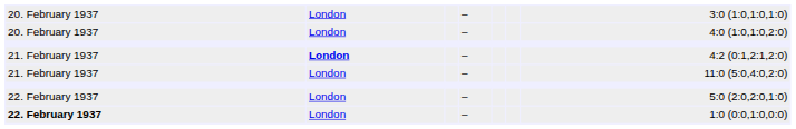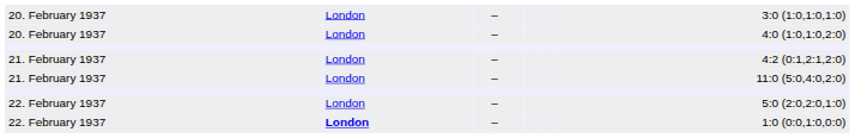 <table cellspacing="2" border="0" cellpadding="3" bgcolor="#EFEFFF" width="90%">
 <tr>
 <td bgcolor="#EEEEEE">20. February 1937</td>
 <td bgcolor="#EEEEEE"><a href='#'>London</a></td>
 <td bgcolor="#EEEEEE"></td>
 <td bgcolor="#EEEEEE">–</td>
 <td bgcolor="#EEEEEE"></td>
 <td bgcolor="#EEEEEE"></td>
 <td bgcolor="#EEEEEE" align="right">3:0 (1:0,1:0,1:0)</td>
 </tr>
 <tr>
 <td bgcolor="#EEEEEE">20. February 1937</td>
 <td bgcolor="#EEEEEE"><a href='#'>London</a></td>
 <td bgcolor="#EEEEEE"></td>
 <td bgcolor="#EEEEEE">–</td>
 <td bgcolor="#EEEEEE"></td>
 <td bgcolor="#EEEEEE"></td>
 <td bgcolor="#EEEEEE" align="right">4:0 (1:0,1:0,2:0)</td>
 </tr>
 <tr>
 <td></td>
 </tr>
 <tr>
 <td bgcolor="#EEEEEE">21. February 1937</td>
-<td bgcolor="#EEEEEE"><strong><a href='#'>London</a></strong></td>
+<td bgcolor="#EEEEEE"><a href='#'>London</a></td>
 <td bgcolor="#EEEEEE"></td>
 <td bgcolor="#EEEEEE">–</td>
 <td bgcolor="#EEEEEE"></td>
 <td bgcolor="#EEEEEE"></td>
 <td bgcolor="#EEEEEE" align="right">4:2 (0:1,2:1,2:0)</td>
 </tr>
 <tr>
 <td bgcolor="#EEEEEE">21. February 1937</td>
 <td bgcolor="#EEEEEE"><a href='#'>London</a></td>
 <td bgcolor="#EEEEEE"></td>
 <td bgcolor="#EEEEEE">–</td>
 <td bgcolor="#EEEEEE"></td>
 <td bgcolor="#EEEEEE"></td>
 <td bgcolor="#EEEEEE" align="right">11:0 (5:0,4:0,2:0)</td>
 </tr>
 <tr>
 <td></td>
 </tr>
 <tr>
 <td bgcolor="#EEEEEE">22. February 1937</td>
 <td bgcolor="#EEEEEE"><a href='#'>London</a></td>
 <td bgcolor="#EEEEEE"></td>
 <td bgcolor="#EEEEEE">–</td>
 <td bgcolor="#EEEEEE"></td>
 <td bgcolor="#EEEEEE"></td>
 <td bgcolor="#EEEEEE" align="right">5:0 (2:0,2:0,1:0)</td>
 </tr>
 <tr>
-<td bgcolor="#EEEEEE"><strong>22. February 1937</strong></td>
-<td bgcolor="#EEEEEE"><a href='#'>London</a></td>
+<td bgcolor="#EEEEEE">22. February 1937</td>
+<td bgcolor="#EEEEEE"><strong><a href='#'>London</a></strong></td>
 <td bgcolor="#EEEEEE"></td>
 <td bgcolor="#EEEEEE">–</td>
 <td bgcolor="#EEEEEE"></td>
 <td bgcolor="#EEEEEE"></td>
 <td bgcolor="#EEEEEE" align="right">1:0 (0:0,1:0,0:0)</td>
 </tr>
 </table>
